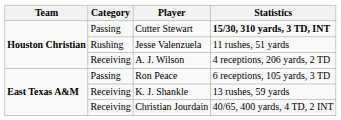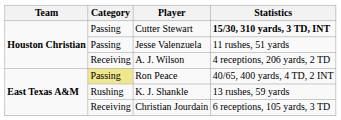 <table class="wikitable" style="float: right;">
 <tr>
 <th>Team</th>
 <th>Category</th>
 <th>Player</th>
 <th>Statistics</th>
 </tr>
 <tr>
 <td rowspan=3><strong>Houston Christian</strong></td>
 <td>Passing</td>
 <td>Cutter Stewart</td>
 <td><strong>15/30, 310 yards, 3 TD, INT</strong></td>
 </tr>
 <tr>
-<td>Rushing</td>
+<td>Passing</td>
 <td>Jesse Valenzuela</td>
 <td>11 rushes, 51 yards</td>
 </tr>
 <tr>
 <td>Receiving</td>
 <td>A. J. Wilson</td>
 <td>4 receptions, 206 yards, 2 TD</td>
 </tr>
 <tr>
 <td rowspan=3><strong>East Texas A&M</strong></td>
-<td>Passing</td>
+<td style="background: khaki;">Passing</td>
 <td>Ron Peace</td>
-<td>6 receptions, 105 yards, 3 TD</td>
+<td>40/65, 400 yards, 4 TD, 2 INT</td>
 </tr>
 <tr>
-<td>Receiving</td>
+<td>Rushing</td>
 <td>K. J. Shankle</td>
 <td>13 rushes, 59 yards</td>
 </tr>
 <tr>
 <td>Receiving</td>
 <td>Christian Jourdain</td>
-<td>40/65, 400 yards, 4 TD, 2 INT</td>
+<td>6 receptions, 105 yards, 3 TD</td>
 </tr>
 </table>
